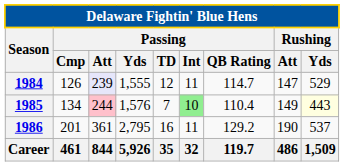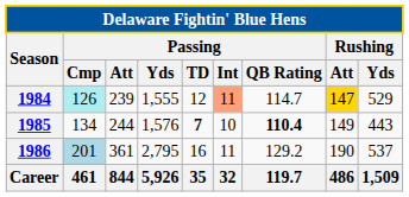 <table class=wikitable style="text-align:center;">
 <tr>
 <th colspan="12" style="background: #00539F; border: 2px solid #FFD200; color:white;">Delaware Fightin' Blue Hens</th>
 </tr>
 <tr>
 <th rowspan="2">Season</th>
 <th colspan="6">Passing</th>
 <th colspan="2">Rushing</th>
 </tr>
 <tr>
 <th>Cmp</th>
 <th>Att</th>
 <th>Yds</th>
 <th>TD</th>
 <th>Int</th>
 <th>QB Rating</th>
 <th>Att</th>
 <th>Yds</th>
 </tr>
 <tr>
 <th><a href='#'>1984</a></th>
-<td>126</td>
-<td style="background: lavender;">239</td>
+<td style="background: paleturquoise;">126</td>
+<td>239</td>
 <td>1,555</td>
 <td>12</td>
-<td>11</td>
+<td style="background: lightsalmon;">11</td>
 <td>114.7</td>
-<td>147</td>
+<td style="background: gold;">147</td>
 <td>529</td>
 </tr>
 <tr>
 <th><a href='#'>1985</a></th>
 <td>134</td>
-<td style="background: pink;">244</td>
+<td>244</td>
 <td>1,576</td>
-<td>7</td>
-<td style="background: lightgreen;">10</td>
-<td>110.4</td>
+<td><strong>7</strong></td>
+<td>10</td>
+<td><strong>110.4</strong></td>
 <td>149</td>
-<td style="background: lightyellow;">443</td>
+<td>443</td>
 </tr>
 <tr>
 <th><a href='#'>1986</a></th>
-<td>201</td>
+<td style="background: lightblue;">201</td>
 <td>361</td>
 <td>2,795</td>
 <td>16</td>
 <td>11</td>
 <td>129.2</td>
 <td>190</td>
 <td>537</td>
 </tr>
 <tr>
 <th>Career</th>
 <th>461</th>
 <th>844</th>
 <th>5,926</th>
 <th>35</th>
 <th>32</th>
 <th>119.7</th>
 <th>486</th>
 <th>1,509</th>
 </tr>
 </table>
